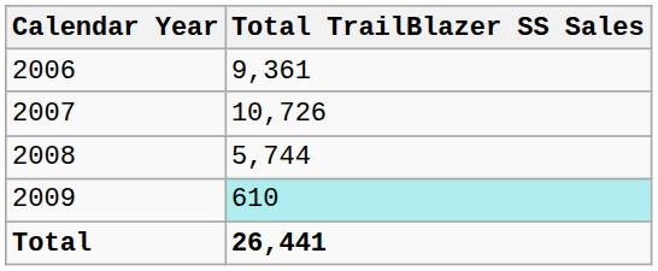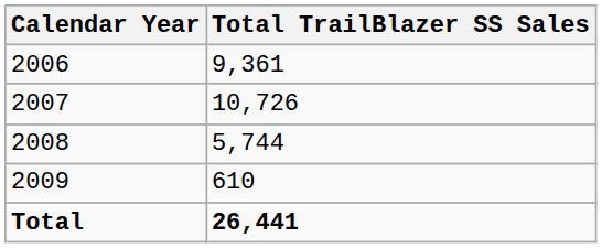 <table class="wikitable">
 <tr>
 <th>Calendar Year</th>
 <th>Total TrailBlazer SS Sales</th>
 </tr>
 <tr>
 <td>2006</td>
 <td>9,361</td>
 </tr>
 <tr>
 <td>2007</td>
 <td>10,726</td>
 </tr>
 <tr>
 <td>2008</td>
 <td>5,744</td>
 </tr>
 <tr>
 <td>2009</td>
-<td style="background: paleturquoise;">610</td>
+<td>610</td>
 </tr>
 <tr>
 <td><strong>Total</strong></td>
 <td><strong>26,441</strong></td>
 </tr>
 </table>
